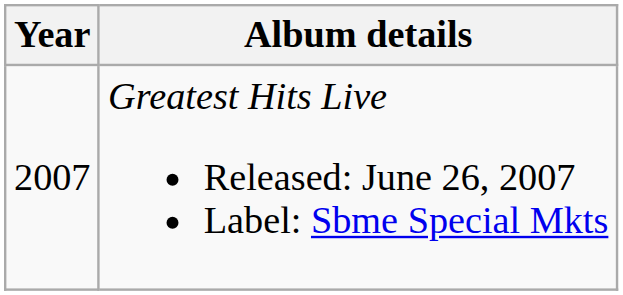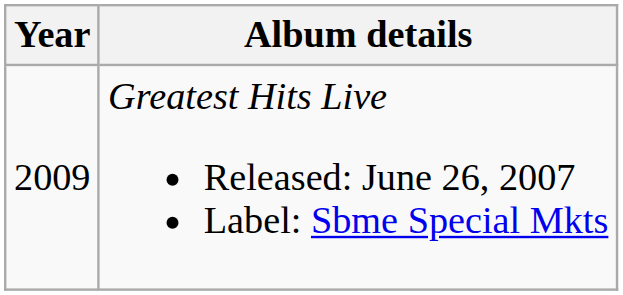 <table class="wikitable plainrowheaders" style="text-align:center;">
 <tr>
 <th>Year</th>
 <th>Album details</th>
 </tr>
 <tr>
-<td>2007</td>
+<td>2009</td>
 <td style="text-align:left;"><em>Greatest Hits Live</em><br><ul><li>Released: June 26, 2007</li><li>Label: <a href='#'>Sbme Special Mkts</a></li></ul></td>
 </tr>
 </table>
